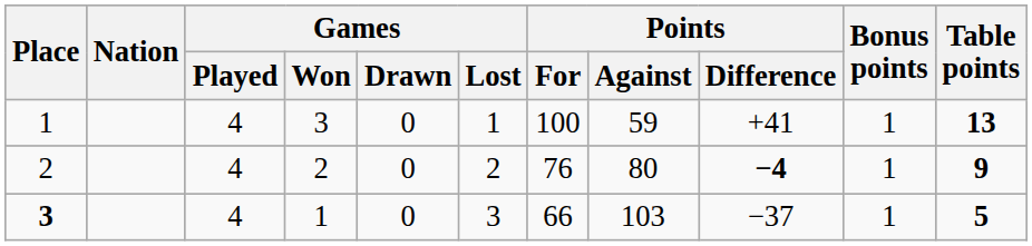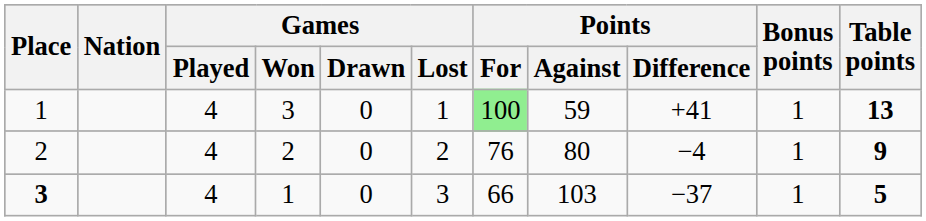 <table class="wikitable" style="text-align:center">
 <tr>
 <th rowspan=2>Place</th>
 <th rowspan=2>Nation</th>
 <th colspan=4>Games</th>
 <th colspan=3>Points</th>
 <th rowspan=2>Bonus<br>points</th>
 <th rowspan=2>Table<br>points</th>
 </tr>
 <tr>
 <th>Played</th>
 <th>Won</th>
 <th>Drawn</th>
 <th>Lost</th>
 <th>For</th>
 <th>Against</th>
 <th>Difference</th>
 </tr>
 <tr>
 <td>1</td>
 <td align=left></td>
 <td>4</td>
 <td>3</td>
 <td>0</td>
 <td>1</td>
-<td>100</td>
+<td style="background: lightgreen;">100</td>
 <td>59</td>
 <td>+41</td>
 <td>1</td>
 <td><strong>13</strong></td>
 </tr>
 <tr>
 <td>2</td>
 <td align=left></td>
 <td>4</td>
 <td>2</td>
 <td>0</td>
 <td>2</td>
 <td>76</td>
 <td>80</td>
-<td><strong>−4</strong></td>
+<td>−4</td>
 <td>1</td>
 <td><strong>9</strong></td>
 </tr>
 <tr>
 <td><strong>3</strong></td>
 <td align=left></td>
 <td>4</td>
 <td>1</td>
 <td>0</td>
 <td>3</td>
 <td>66</td>
 <td>103</td>
 <td>−37</td>
 <td>1</td>
 <td><strong>5</strong></td>
 </tr>
 </table>
